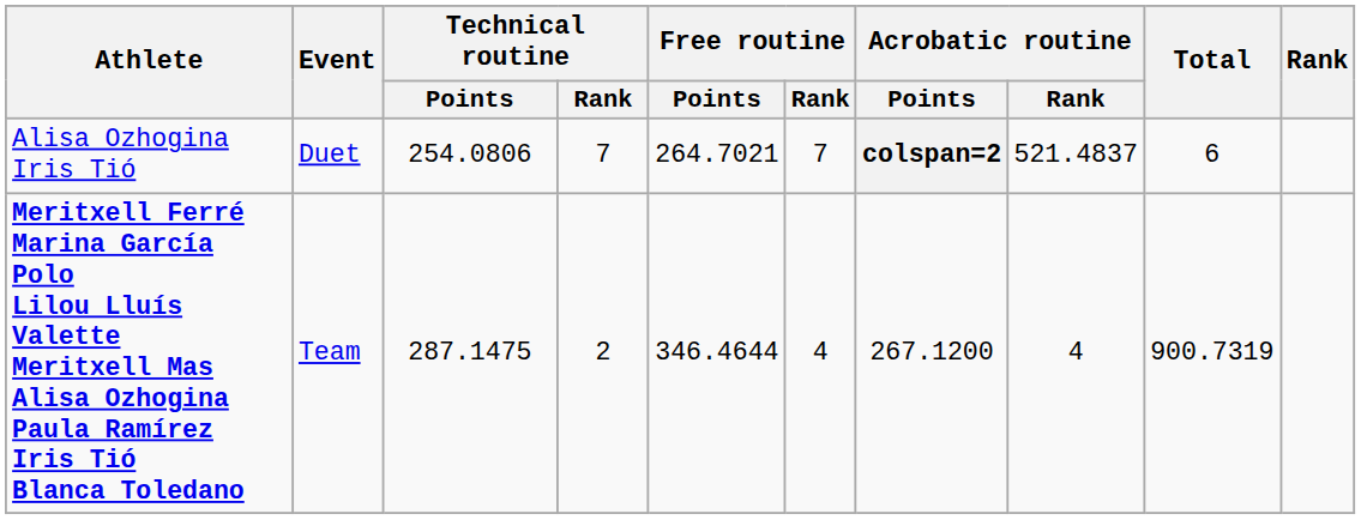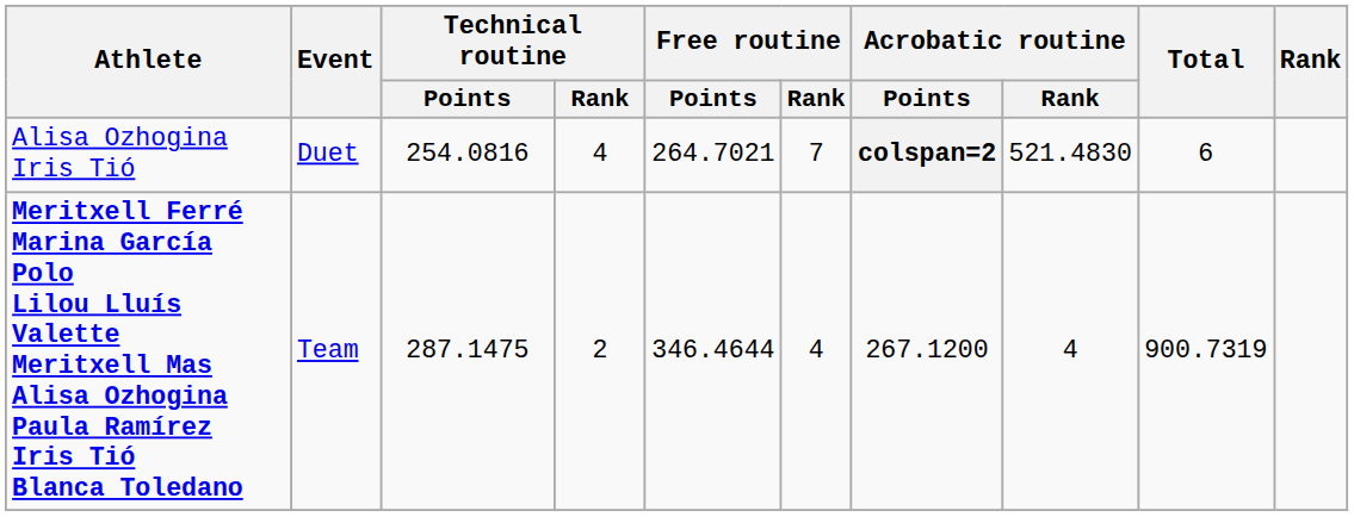 <table class="wikitable" style="font-size:90%">
 <tr>
 <th rowspan="2">Athlete</th>
 <th rowspan="2">Event</th>
 <th colspan=2>Technical routine</th>
 <th colspan=2>Free routine</th>
 <th colspan=2>Acrobatic routine</th>
 <th rowspan="2">Total</th>
 <th rowspan="2">Rank</th>
 </tr>
 <tr style="font-size:95%">
 <th>Points</th>
 <th>Rank</th>
 <th>Points</th>
 <th>Rank</th>
 <th>Points</th>
 <th>Rank</th>
 </tr>
 <tr align=center>
 <td align=left><a href='#'>Alisa Ozhogina</a><br><a href='#'>Iris Tió</a></td>
 <td align=left><a href='#'>Duet</a></td>
-<td>254.0806</td>
-<td>7</td>
+<td>254.0816</td>
+<td>4</td>
 <td>264.7021</td>
 <td>7</td>
 <th>colspan=2 </th>
-<td>521.4837</td>
+<td>521.4830</td>
 <td>6</td>
 </tr>
 <tr align=center>
 <td align=left><strong><a href='#'>Meritxell Ferré</a><br><a href='#'>Marina García Polo</a><br><a href='#'>Lilou Lluís Valette</a><br><a href='#'>Meritxell Mas</a><br><a href='#'>Alisa Ozhogina</a><br><a href='#'>Paula Ramírez</a><br><a href='#'>Iris Tió</a><br><a href='#'>Blanca Toledano</a></strong></td>
 <td align=left><a href='#'>Team</a></td>
 <td>287.1475</td>
 <td>2</td>
 <td>346.4644</td>
 <td>4</td>
 <td>267.1200</td>
 <td>4</td>
 <td>900.7319</td>
 <td></td>
 </tr>
 </table>
